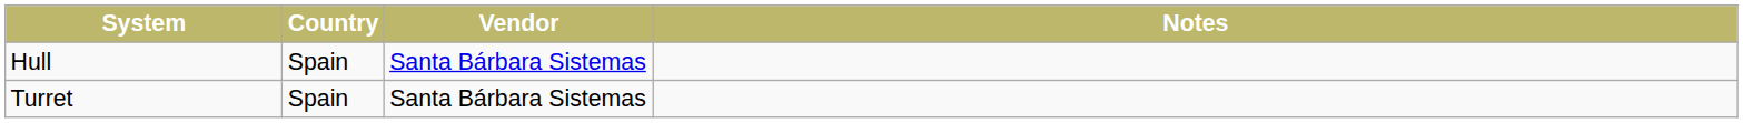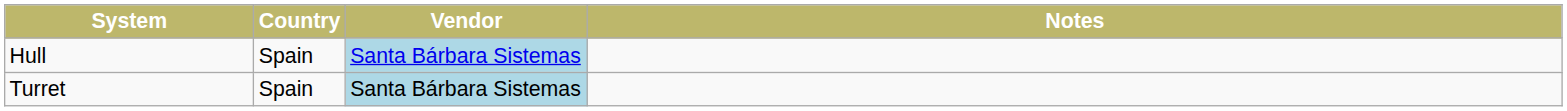 <table class="wikitable">
 <tr>
 <th style="width:180px; px; background:#bdb76b; color:White;"><strong>System</strong></th>
 <th style="width:25px; px; background:#bdb76b; color:White;"><strong>Country</strong></th>
 <th style="width:175px; px; background:#bdb76b; color:White;"><strong>Vendor</strong></th>
 <th style="width:725px; px; background:#bdb76b; color:White;"><strong>Notes</strong></th>
 </tr>
 <tr>
 <td>Hull</td>
 <td>Spain</td>
-<td><a href='#'>Santa Bárbara Sistemas</a></td>
+<td style="background: lightblue;"><a href='#'>Santa Bárbara Sistemas</a></td>
 </tr>
 <tr>
 <td>Turret</td>
 <td>Spain</td>
-<td>Santa Bárbara Sistemas</td>
+<td style="background: lightblue;">Santa Bárbara Sistemas</td>
 <td></td>
 </tr>
 </table>
